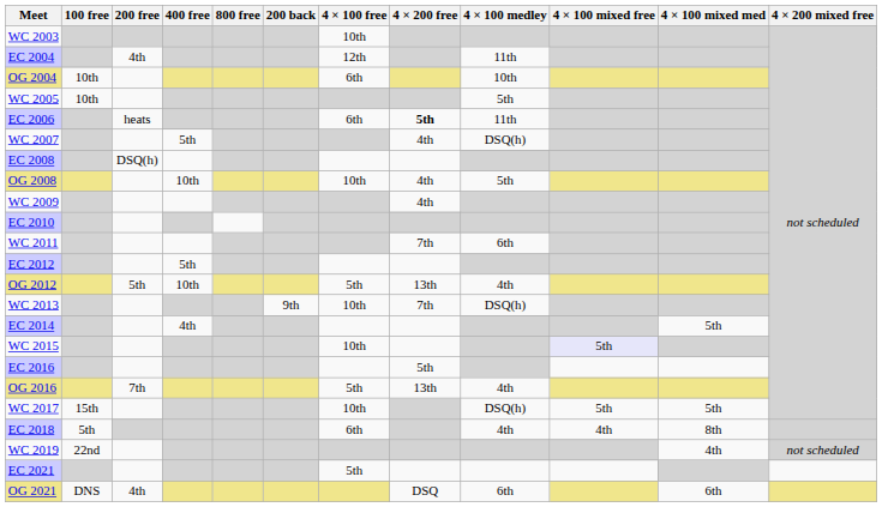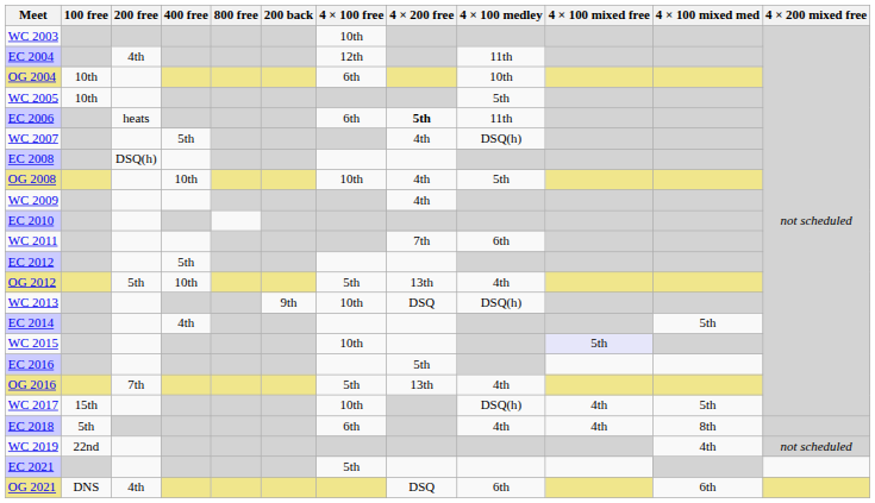 <table class="sortable wikitable">
 <tr>
 <th>Meet</th>
 <th class="unsortable">100 free</th>
 <th class="unsortable">200 free</th>
 <th class="unsortable">400 free</th>
 <th class="unsortable">800 free</th>
 <th class="unsortable">200 back</th>
 <th class="unsortable">4 × 100 free</th>
 <th class="unsortable">4 × 200 free</th>
 <th class="unsortable">4 × 100 medley</th>
 <th class="unsortable">4 × 100 mixed free</th>
 <th class="unsortable">4 × 100 mixed med</th>
 <th class="unsortable">4 × 200 mixed free</th>
 </tr>
 <tr>
 <td><a href='#'>WC 2003</a></td>
 <td bgcolor=lightgrey></td>
 <td bgcolor=lightgrey></td>
 <td bgcolor=lightgrey></td>
 <td bgcolor=lightgrey></td>
 <td bgcolor=lightgrey></td>
 <td align="center">10th</td>
 <td bgcolor=lightgrey></td>
 <td bgcolor=lightgrey></td>
 <td bgcolor=lightgrey></td>
 <td bgcolor=lightgrey></td>
 <td rowspan=19 align=center bgcolor=lightgrey><em>not scheduled</em></td>
 </tr>
 <tr>
 <td style="background:#ccccff"><a href='#'>EC 2004</a></td>
 <td bgcolor=lightgrey></td>
 <td align="center">4th</td>
 <td bgcolor=lightgrey></td>
 <td bgcolor=lightgrey></td>
 <td bgcolor=lightgrey></td>
 <td align="center">12th</td>
 <td bgcolor=lightgrey></td>
 <td align="center">11th</td>
 <td bgcolor=lightgrey></td>
 <td bgcolor=lightgrey></td>
 </tr>
 <tr>
 <td style="background:#f0e68c"><a href='#'>OG 2004</a></td>
 <td align="center">10th</td>
 <td align="center"></td>
 <td style="background:#f0e68c"></td>
 <td style="background:#f0e68c"></td>
 <td style="background:#f0e68c"></td>
 <td align="center">6th</td>
 <td style="background:#f0e68c"></td>
 <td align="center">10th</td>
 <td style="background:#f0e68c"></td>
 <td style="background:#f0e68c"></td>
 </tr>
 <tr>
 <td><a href='#'>WC 2005</a></td>
 <td align="center">10th</td>
 <td align="center"></td>
 <td bgcolor=lightgrey></td>
 <td bgcolor=lightgrey></td>
 <td bgcolor=lightgrey></td>
 <td bgcolor=lightgrey></td>
 <td bgcolor=lightgrey></td>
 <td align="center">5th</td>
 <td bgcolor=lightgrey></td>
 <td bgcolor=lightgrey></td>
 </tr>
 <tr>
 <td style="background:#ccccff"><a href='#'>EC 2006</a></td>
 <td bgcolor=lightgrey></td>
 <td align="center">heats</td>
 <td bgcolor=lightgrey></td>
 <td bgcolor=lightgrey></td>
 <td bgcolor=lightgrey></td>
 <td align="center">6th</td>
 <td align="center"><strong>5th</strong></td>
 <td align="center">11th</td>
 <td bgcolor=lightgrey></td>
 <td bgcolor=lightgrey></td>
 </tr>
 <tr>
 <td><a href='#'>WC 2007</a></td>
 <td bgcolor=lightgrey></td>
 <td align="center"></td>
 <td align="center">5th</td>
 <td bgcolor=lightgrey></td>
 <td bgcolor=lightgrey></td>
 <td bgcolor=lightgrey></td>
 <td align="center">4th</td>
 <td align="center">DSQ(h)</td>
 <td bgcolor=lightgrey></td>
 <td bgcolor=lightgrey></td>
 </tr>
 <tr>
 <td style="background:#ccccff"><a href='#'>EC 2008</a></td>
 <td bgcolor=lightgrey></td>
 <td align="center">DSQ(h)</td>
 <td align="center"></td>
 <td bgcolor=lightgrey></td>
 <td bgcolor=lightgrey></td>
 <td align="center"></td>
 <td align="center"></td>
 <td bgcolor=lightgrey></td>
 <td bgcolor=lightgrey></td>
 <td bgcolor=lightgrey></td>
 </tr>
 <tr>
 <td style="background:#f0e68c"><a href='#'>OG 2008</a></td>
 <td style="background:#f0e68c"></td>
 <td align="center"></td>
 <td align="center">10th</td>
 <td style="background:#f0e68c"></td>
 <td style="background:#f0e68c"></td>
 <td align="center">10th</td>
 <td align="center">4th</td>
 <td align="center">5th</td>
 <td style="background:#f0e68c"></td>
 <td style="background:#f0e68c"></td>
 </tr>
 <tr>
 <td><a href='#'>WC 2009</a></td>
 <td bgcolor=lightgrey></td>
 <td align="center"></td>
 <td align="center"></td>
 <td bgcolor=lightgrey></td>
 <td bgcolor=lightgrey></td>
 <td bgcolor=lightgrey></td>
 <td align="center">4th</td>
 <td bgcolor=lightgrey></td>
 <td bgcolor=lightgrey></td>
 <td bgcolor=lightgrey></td>
 </tr>
 <tr>
 <td style="background:#ccccff"><a href='#'>EC 2010</a></td>
 <td bgcolor=lightgrey></td>
 <td align="center"></td>
 <td bgcolor=lightgrey></td>
 <td align="center"></td>
 <td bgcolor=lightgrey></td>
 <td bgcolor=lightgrey></td>
 <td bgcolor=lightgrey></td>
 <td bgcolor=lightgrey></td>
 <td bgcolor=lightgrey></td>
 <td bgcolor=lightgrey></td>
 </tr>
 <tr>
 <td><a href='#'>WC 2011</a></td>
 <td bgcolor=lightgrey></td>
 <td align="center"></td>
 <td align="center"></td>
 <td bgcolor=lightgrey></td>
 <td bgcolor=lightgrey></td>
 <td bgcolor=lightgrey></td>
 <td align="center">7th</td>
 <td align="center">6th</td>
 <td bgcolor=lightgrey></td>
 <td bgcolor=lightgrey></td>
 </tr>
 <tr>
 <td style="background:#ccccff"><a href='#'>EC 2012</a></td>
 <td bgcolor=lightgrey></td>
 <td align="center"></td>
 <td align="center">5th</td>
 <td bgcolor=lightgrey></td>
 <td bgcolor=lightgrey></td>
 <td align="center"></td>
 <td align="center"></td>
 <td bgcolor=lightgrey></td>
 <td bgcolor=lightgrey></td>
 <td bgcolor=lightgrey></td>
 </tr>
 <tr>
 <td style="background:#f0e68c"><a href='#'>OG 2012</a></td>
 <td style="background:#f0e68c"></td>
 <td align="center">5th</td>
 <td align="center">10th</td>
 <td style="background:#f0e68c"></td>
 <td style="background:#f0e68c"></td>
 <td align="center">5th</td>
 <td align="center">13th</td>
 <td align="center">4th</td>
 <td style="background:#f0e68c"></td>
 <td style="background:#f0e68c"></td>
 </tr>
 <tr>
 <td><a href='#'>WC 2013</a></td>
 <td bgcolor=lightgrey></td>
 <td align="center"></td>
 <td bgcolor=lightgrey></td>
 <td bgcolor=lightgrey></td>
 <td align="center">9th</td>
 <td align="center">10th</td>
-<td align="center">7th</td>
+<td align="center">DSQ</td>
 <td align="center">DSQ(h)</td>
 <td bgcolor=lightgrey></td>
 <td bgcolor=lightgrey></td>
 </tr>
 <tr>
 <td style="background:#ccccff"><a href='#'>EC 2014</a></td>
 <td bgcolor=lightgrey></td>
 <td align="center"></td>
 <td align="center">4th</td>
 <td bgcolor=lightgrey></td>
 <td bgcolor=lightgrey></td>
 <td align="center"></td>
 <td align="center"></td>
 <td bgcolor=lightgrey></td>
 <td bgcolor=lightgrey></td>
 <td align="center">5th</td>
 </tr>
 <tr>
 <td><a href='#'>WC 2015</a></td>
 <td bgcolor=lightgrey></td>
 <td align="center"></td>
 <td bgcolor=lightgrey></td>
 <td bgcolor=lightgrey></td>
 <td bgcolor=lightgrey></td>
 <td align="center">10th</td>
 <td align="center"></td>
 <td bgcolor=lightgrey></td>
 <td align="center" style="background: lavender;">5th</td>
 <td bgcolor=lightgrey></td>
 </tr>
 <tr>
 <td style="background:#ccccff"><a href='#'>EC 2016</a></td>
 <td bgcolor=lightgrey></td>
 <td align="center"></td>
 <td bgcolor=lightgrey></td>
 <td bgcolor=lightgrey></td>
 <td bgcolor=lightgrey></td>
 <td align="center"></td>
 <td align="center">5th</td>
 <td bgcolor=lightgrey></td>
 <td align="center"></td>
 <td align="center"></td>
 </tr>
 <tr>
 <td style="background:#f0e68c"><a href='#'>OG 2016</a></td>
 <td style="background:#f0e68c"></td>
 <td align="center">7th</td>
 <td style="background:#f0e68c"></td>
 <td style="background:#f0e68c"></td>
 <td style="background:#f0e68c"></td>
 <td align="center">5th</td>
 <td align="center">13th</td>
 <td align="center">4th</td>
 <td style="background:#f0e68c"></td>
 <td style="background:#f0e68c"></td>
 </tr>
 <tr>
 <td><a href='#'>WC 2017</a></td>
 <td align="center">15th</td>
 <td align="center"></td>
 <td bgcolor=lightgrey></td>
 <td bgcolor=lightgrey></td>
 <td bgcolor=lightgrey></td>
 <td align="center">10th</td>
 <td bgcolor=lightgrey></td>
 <td align="center">DSQ(h)</td>
-<td align="center">5th</td>
+<td align="center">4th</td>
 <td align="center">5th</td>
 </tr>
 <tr>
 <td style="background:#ccccff"><a href='#'>EC 2018</a></td>
 <td align="center">5th</td>
 <td bgcolor=lightgrey></td>
 <td bgcolor=lightgrey></td>
 <td bgcolor=lightgrey></td>
 <td bgcolor=lightgrey></td>
 <td align="center">6th</td>
 <td bgcolor=lightgrey></td>
 <td align="center">4th</td>
 <td align="center">4th</td>
 <td align="center">8th</td>
 <td bgcolor=lightgrey></td>
 </tr>
 <tr>
 <td><a href='#'>WC 2019</a></td>
 <td align="center">22nd</td>
 <td align="center"></td>
 <td bgcolor=lightgrey></td>
 <td bgcolor=lightgrey></td>
 <td bgcolor=lightgrey></td>
 <td bgcolor=lightgrey></td>
 <td bgcolor=lightgrey></td>
 <td bgcolor=lightgrey></td>
 <td bgcolor=lightgrey></td>
 <td align="center">4th</td>
 <td align=center bgcolor=lightgrey><em>not scheduled</em></td>
 </tr>
 <tr>
 <td style="background:#ccccff"><a href='#'>EC 2021</a></td>
 <td bgcolor=lightgrey></td>
 <td align="center"></td>
 <td bgcolor=lightgrey></td>
 <td bgcolor=lightgrey></td>
 <td bgcolor=lightgrey></td>
 <td align="center">5th</td>
 <td align="center"></td>
 <td align=center></td>
 <td align="center"></td>
 <td bgcolor=lightgrey></td>
 <td align=center></td>
 </tr>
 <tr>
 <td style="background:#f0e68c"><a href='#'>OG 2021</a></td>
 <td align="center">DNS</td>
 <td align="center">4th</td>
 <td style="background:#f0e68c"></td>
 <td style="background:#f0e68c"></td>
 <td style="background:#f0e68c"></td>
 <td style="background:#f0e68c"></td>
 <td align="center">DSQ</td>
 <td align="center">6th</td>
 <td style="background:#f0e68c"></td>
 <td align="center">6th</td>
 <td style="background:#f0e68c"></td>
 </tr>
 </table>
